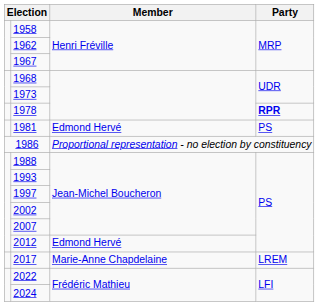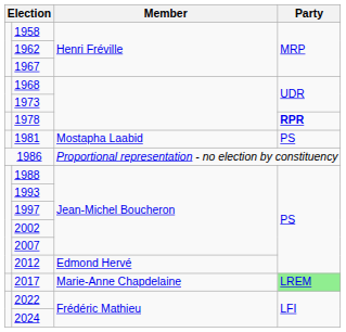 <table class="wikitable">
 <tr>
 <th colspan="2">Election</th>
 <th>Member</th>
 <th>Party</th>
 </tr>
 <tr>
 <td rowspan="3" style="color:inherit;background-color: "></td>
 <td><a href='#'>1958</a></td>
 <td rowspan="3"><a href='#'>Henri Fréville</a></td>
 <td rowspan="3"><a href='#'>MRP</a></td>
 </tr>
 <tr>
 <td><a href='#'>1962</a></td>
 </tr>
 <tr>
 <td><a href='#'>1967</a></td>
 </tr>
 <tr>
 <td rowspan="2" style="color:inherit;background-color: "></td>
 <td><a href='#'>1968</a></td>
 <td rowspan="3"></td>
 <td rowspan="2"><a href='#'>UDR</a></td>
 </tr>
 <tr>
 <td><a href='#'>1973</a></td>
 </tr>
 <tr>
 <td style="color:inherit;background-color: "></td>
 <td><a href='#'>1978</a></td>
 <td><strong><a href='#'>RPR</a></strong></td>
 </tr>
 <tr>
 <td style="color:inherit;background-color: "></td>
 <td><a href='#'>1981</a></td>
-<td><a href='#'>Edmond Hervé</a></td>
+<td><a href='#'>Mostapha Laabid</a></td>
 <td><a href='#'>PS</a></td>
 </tr>
 <tr>
 <td colspan="2" align="center"><a href='#'>1986</a></td>
 <td colspan="2"><em><a href='#'>Proportional representation</a> - no election by constituency</em></td>
 </tr>
 <tr>
 <td rowspan="6" style="color:inherit;background-color: "></td>
 <td><a href='#'>1988</a></td>
 <td rowspan="5"><a href='#'>Jean-Michel Boucheron</a></td>
 <td rowspan="6"><a href='#'>PS</a></td>
 </tr>
 <tr>
 <td><a href='#'>1993</a></td>
 </tr>
 <tr>
 <td><a href='#'>1997</a></td>
 </tr>
 <tr>
 <td><a href='#'>2002</a></td>
 </tr>
 <tr>
 <td><a href='#'>2007</a></td>
 </tr>
 <tr>
 <td><a href='#'>2012</a></td>
 <td><a href='#'>Edmond Hervé</a></td>
 </tr>
 <tr>
 <td style="color:inherit;background-color: "></td>
 <td><a href='#'>2017</a></td>
 <td><a href='#'>Marie-Anne Chapdelaine</a></td>
-<td><a href='#'>LREM</a></td>
+<td style="background: lightgreen;"><a href='#'>LREM</a></td>
 </tr>
 <tr>
 <td rowspan="2" style="color:inherit;background-color: "></td>
 <td><a href='#'>2022</a></td>
 <td rowspan="2"><a href='#'>Frédéric Mathieu</a></td>
 <td rowspan="2"><a href='#'>LFI</a></td>
 </tr>
 <tr>
 <td><a href='#'>2024</a></td>
 </tr>
 </table>
